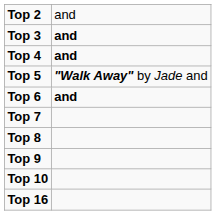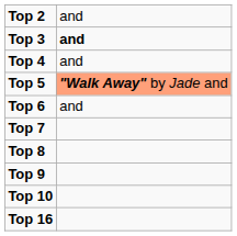 <table class="wikitable">
 <tr>
 <td><strong>Top 2</strong></td>
 <td> and </td>
 </tr>
 <tr>
 <td><strong>Top 3</strong></td>
 <td><strong> and </strong></td>
 </tr>
 <tr>
 <td><strong>Top 4</strong></td>
-<td><strong> and </strong></td>
+<td> and </td>
 </tr>
 <tr>
 <td><strong>Top 5</strong></td>
-<td><strong><em>"Walk Away"</em></strong> by <em>Jade</em> and </td>
+<td style="background: lightsalmon;"><strong><em>"Walk Away"</em></strong> by <em>Jade</em> and </td>
 </tr>
 <tr>
 <td><strong>Top 6</strong></td>
-<td><strong> and </strong></td>
+<td> and </td>
 </tr>
 <tr>
 <td><strong>Top 7</strong></td>
 <td></td>
 </tr>
 <tr>
 <td><strong>Top 8</strong></td>
 <td></td>
 </tr>
 <tr>
 <td><strong>Top 9</strong></td>
 <td></td>
 </tr>
 <tr>
 <td><strong>Top 10</strong></td>
 <td></td>
 </tr>
 <tr>
 <td><strong>Top 16</strong></td>
 <td></td>
 </tr>
 </table>
